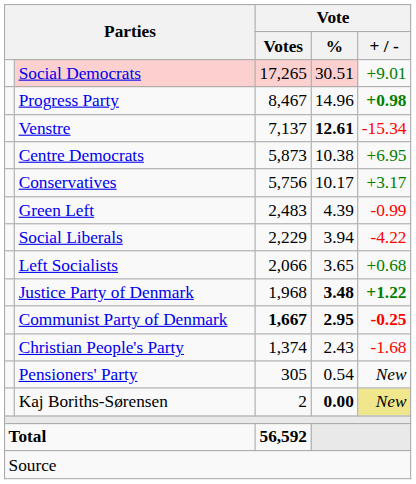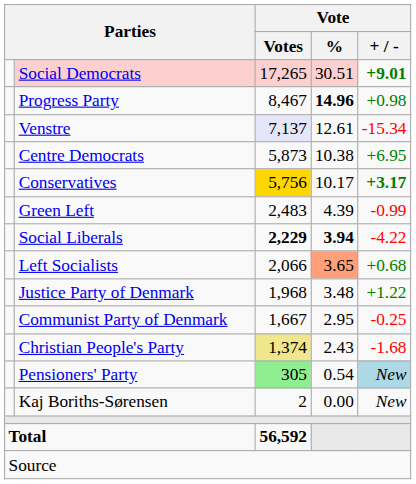 <table class="wikitable" style="text-align:right;">
 <tr>
 <th style="text-align:centre;" rowspan="2" colspan="2" width="225">Parties</th>
 <th colspan="3">Vote</th>
 </tr>
 <tr>
 <th width="15">Votes</th>
 <th width="15">%</th>
 <th width="15">+ / -</th>
 </tr>
 <tr>
 <td width="2" style="color:inherit;background:"></td>
 <td bgcolor=#fbd0ce  align="left"><a href='#'>Social Democrats</a></td>
 <td bgcolor=#fbd0ce>17,265</td>
 <td bgcolor=#fbd0ce>30.51</td>
-<td style=color:green;>+9.01</td>
+<td style=color:green;><strong>+9.01</strong></td>
 </tr>
 <tr>
 <td width="2" style="color:inherit;background:"></td>
 <td align="left"><a href='#'>Progress Party</a></td>
 <td>8,467</td>
-<td>14.96</td>
-<td style=color:green;><strong>+0.98</strong></td>
+<td><strong>14.96</strong></td>
+<td style=color:green;>+0.98</td>
 </tr>
 <tr>
 <td width="2" style="color:inherit;background:"></td>
 <td align="left"><a href='#'>Venstre</a></td>
-<td>7,137</td>
-<td><strong>12.61</strong></td>
+<td style="background: lavender;">7,137</td>
+<td>12.61</td>
 <td style=color:red;>-15.34</td>
 </tr>
 <tr>
 <td width="2" style="color:inherit;background:"></td>
 <td align="left"><a href='#'>Centre Democrats</a></td>
 <td>5,873</td>
 <td>10.38</td>
 <td style=color:green;>+6.95</td>
 </tr>
 <tr>
 <td width="2" style="color:inherit;background:"></td>
 <td align="left"><a href='#'>Conservatives</a></td>
-<td>5,756</td>
+<td style="background: gold;">5,756</td>
 <td>10.17</td>
-<td style=color:green;>+3.17</td>
+<td style=color:green;><strong>+3.17</strong></td>
 </tr>
 <tr>
 <td width="2" style="color:inherit;background:"></td>
 <td align="left"><a href='#'>Green Left</a></td>
 <td>2,483</td>
 <td>4.39</td>
 <td style=color:red;>-0.99</td>
 </tr>
 <tr>
 <td width="2" style="color:inherit;background:"></td>
 <td align="left"><a href='#'>Social Liberals</a></td>
-<td>2,229</td>
-<td>3.94</td>
+<td><strong>2,229</strong></td>
+<td><strong>3.94</strong></td>
 <td style=color:red;>-4.22</td>
 </tr>
 <tr>
 <td width="2" style="color:inherit;background:"></td>
 <td align="left"><a href='#'>Left Socialists</a></td>
 <td>2,066</td>
-<td>3.65</td>
+<td style="background: lightsalmon;">3.65</td>
 <td style=color:green;>+0.68</td>
 </tr>
 <tr>
 <td width="2" style="color:inherit;background:"></td>
 <td align="left"><a href='#'>Justice Party of Denmark</a></td>
 <td>1,968</td>
-<td><strong>3.48</strong></td>
-<td style=color:green;><strong>+1.22</strong></td>
+<td>3.48</td>
+<td style=color:green;>+1.22</td>
 </tr>
 <tr>
 <td width="2" style="color:inherit;background:"></td>
 <td align="left"><a href='#'>Communist Party of Denmark</a></td>
-<td><strong>1,667</strong></td>
-<td><strong>2.95</strong></td>
-<td style=color:red;><strong>-0.25</strong></td>
+<td>1,667</td>
+<td>2.95</td>
+<td style=color:red;>-0.25</td>
 </tr>
 <tr>
 <td width="2" style="color:inherit;background:"></td>
 <td align="left"><a href='#'>Christian People's Party</a></td>
-<td>1,374</td>
+<td style="background: khaki;">1,374</td>
 <td>2.43</td>
 <td style=color:red;>-1.68</td>
 </tr>
 <tr>
 <td width="2" style="color:inherit;background:"></td>
 <td align="left"><a href='#'>Pensioners' Party</a></td>
-<td>305</td>
+<td style="background: lightgreen;">305</td>
 <td>0.54</td>
-<td><em>New</em></td>
+<td style="background: lightblue;"><em>New</em></td>
 </tr>
 <tr>
 <td width="2" style="color:inherit;background:"></td>
 <td align="left">Kaj Boriths-Sørensen</td>
 <td>2</td>
-<td><strong>0.00</strong></td>
-<td style="background: khaki;"><em>New</em></td>
+<td>0.00</td>
+<td><em>New</em></td>
 </tr>
 <tr>
 <td colspan="7" bgcolor="#E9E9E9"></td>
 </tr>
 <tr>
 <td align="left" colspan="2"><strong>Total</strong></td>
 <td><strong>56,592</strong></td>
 <td bgcolor="#E9E9E9" colspan="2"></td>
 </tr>
 <tr>
 <td align="left" colspan="6">Source</td>
 </tr>
 </table>
